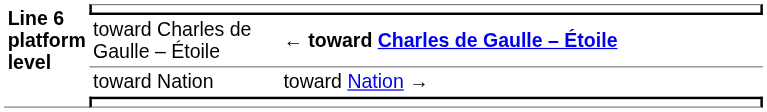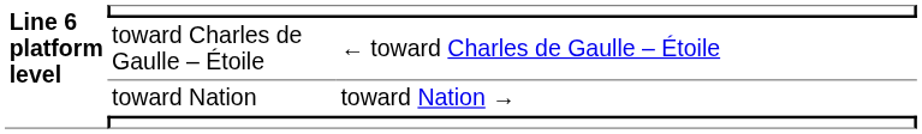 <table border=0 cellspacing=0 cellpadding=3>
 <tr>
 <td style="border-bottom:solid 1px gray;" width=50 rowspan=10 valign=top><strong>Line 6 platform level</strong></td>
 <td style="border-top:solid 1px gray;border-right:solid 2px black;border-left:solid 2px black;border-bottom:solid 2px black;text-align:center;" colspan=2></td>
 </tr>
 <tr>
 <td style="border-bottom:solid 1px gray;" width=150>toward Charles de Gaulle – Étoile</td>
-<td style="border-bottom:solid 1px gray;" width=390><strong>←   toward <a href='#'>Charles de Gaulle – Étoile</a> </strong></td>
+<td style="border-bottom:solid 1px gray;" width=390>←   toward <a href='#'>Charles de Gaulle – Étoile</a> </td>
 </tr>
 <tr>
 <td>toward Nation</td>
 <td>   toward <a href='#'>Nation</a>  →</td>
 </tr>
 <tr>
 <td style="border-top:solid 2px black;border-right:solid 2px black;border-left:solid 2px black;border-bottom:solid 1px gray;text-align:center;" colspan=2></td>
 </tr>
 </table>
